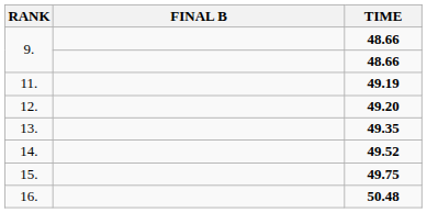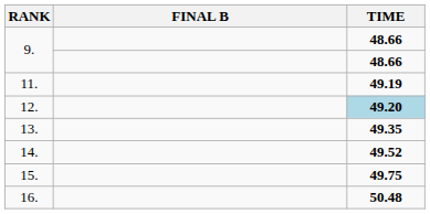 <table class="wikitable">
 <tr>
 <th>RANK</th>
 <th style="width: 20em">FINAL B</th>
 <th style="width: 5em">TIME</th>
 </tr>
 <tr>
 <td rowspan=2 align="center">9.</td>
 <td></td>
 <td align="center"><strong>48.66</strong></td>
 </tr>
 <tr>
 <td></td>
 <td align="center"><strong>48.66</strong></td>
 </tr>
 <tr>
 <td align="center">11.</td>
 <td></td>
 <td align="center"><strong>49.19</strong></td>
 </tr>
 <tr>
 <td align="center">12.</td>
 <td></td>
-<td align="center"><strong>49.20</strong></td>
+<td align="center" style="background: lightblue;"><strong>49.20</strong></td>
 </tr>
 <tr>
 <td align="center">13.</td>
 <td></td>
 <td align="center"><strong>49.35</strong></td>
 </tr>
 <tr>
 <td align="center">14.</td>
 <td></td>
 <td align="center"><strong>49.52</strong></td>
 </tr>
 <tr>
 <td align="center">15.</td>
 <td></td>
 <td align="center"><strong>49.75</strong></td>
 </tr>
 <tr>
 <td align="center">16.</td>
 <td></td>
 <td align="center"><strong>50.48</strong></td>
 </tr>
 </table>
